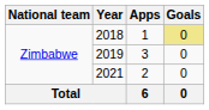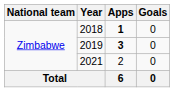 <table class="wikitable" style="text-align:center">
 <tr>
 <th>National team</th>
 <th>Year</th>
 <th>Apps</th>
 <th>Goals</th>
 </tr>
 <tr>
 <td rowspan="3"><a href='#'>Zimbabwe</a></td>
 <td>2018</td>
-<td>1</td>
-<td style="background: khaki;">0</td>
+<td><strong>1</strong></td>
+<td>0</td>
 </tr>
 <tr>
 <td>2019</td>
-<td>3</td>
+<td><strong>3</strong></td>
 <td>0</td>
 </tr>
 <tr>
 <td>2021</td>
 <td>2</td>
 <td>0</td>
 </tr>
 <tr>
 <th colspan=2>Total</th>
 <th>6</th>
 <th>0</th>
 </tr>
 </table>
